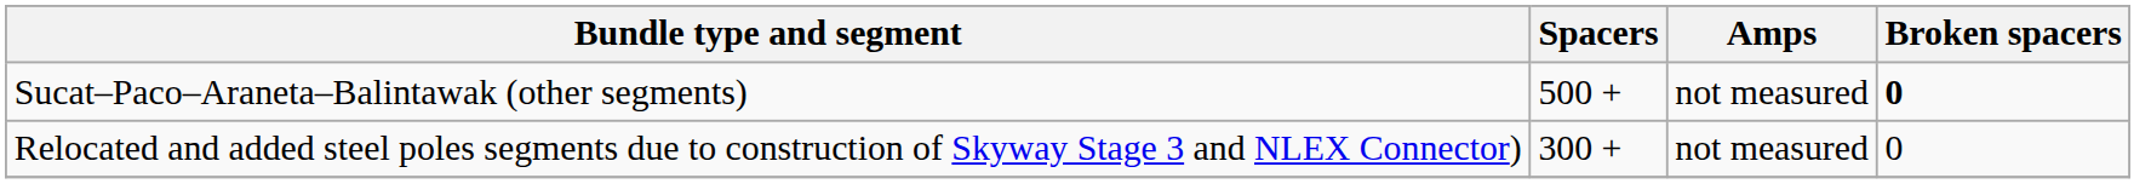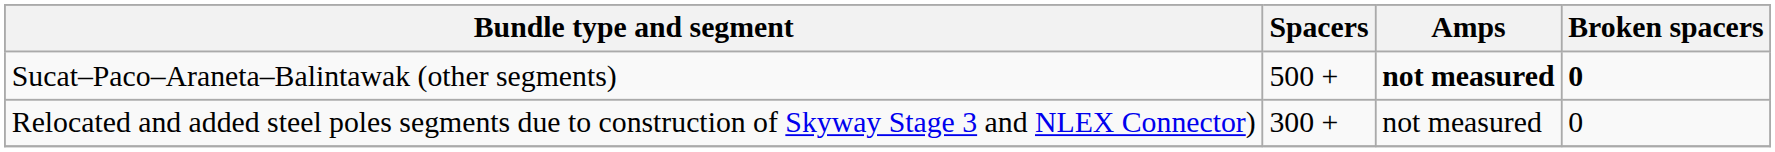 <table class="wikitable">
 <tr>
 <th>Bundle type and segment</th>
 <th>Spacers</th>
 <th>Amps</th>
 <th>Broken spacers</th>
 </tr>
 <tr>
 <td>Sucat–Paco–Araneta–Balintawak (other segments)</td>
 <td>500 +</td>
-<td>not measured</td>
+<td><strong>not measured</strong></td>
 <td><strong>0</strong></td>
 </tr>
 <tr>
 <td>Relocated and added steel poles segments due to construction of <a href='#'>Skyway Stage 3</a> and <a href='#'>NLEX Connector</a>)</td>
 <td>300 +</td>
 <td>not measured</td>
 <td>0</td>
 </tr>
 <tr>
 </tr>
 </table>
